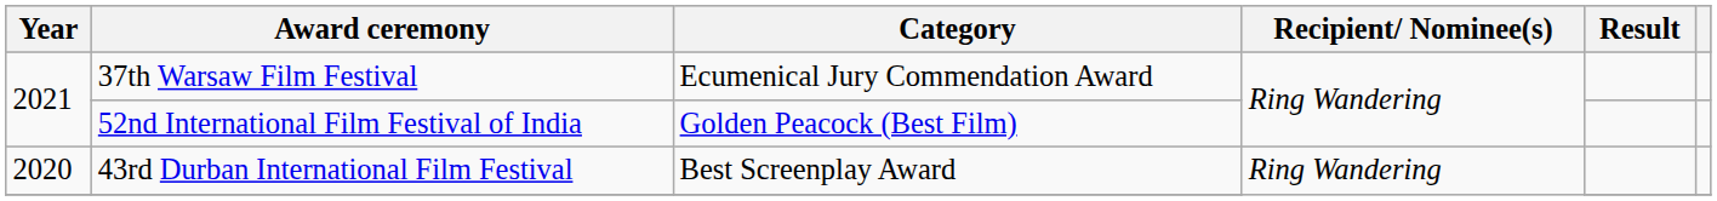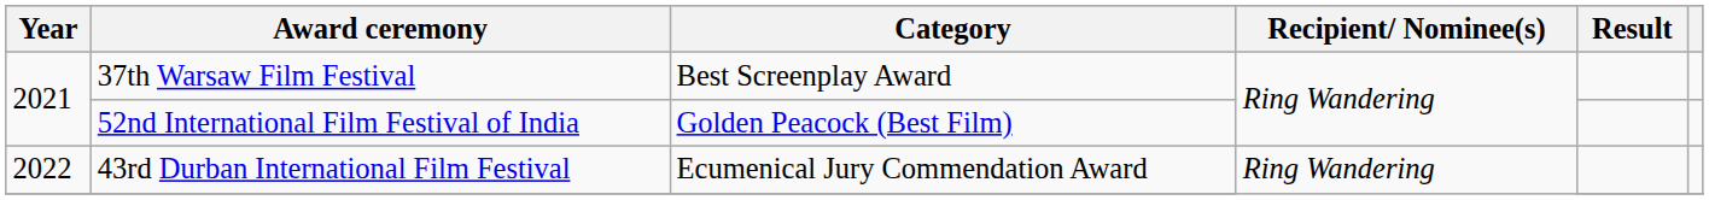 <table class="wikitable sortable plainrowheaders" style="width: 72.8%;">
 <tr style="background:#ccc; text-align:center;">
 <th scope="col">Year</th>
 <th scope="col">Award ceremony</th>
 <th scope="col">Category</th>
 <th scope="col">Recipient/ Nominee(s)</th>
 <th scope="col">Result</th>
 <th scope="col" class="unsortable"></th>
 </tr>
 <tr>
 <td rowspan=2>2021</td>
 <td>37th <a href='#'>Warsaw Film Festival</a></td>
-<td>Ecumenical Jury Commendation Award</td>
+<td>Best Screenplay Award</td>
 <td rowspan=2><em>Ring Wandering</em></td>
 <td></td>
 <td style="text-align:center"></td>
 </tr>
 <tr>
 <td><a href='#'>52nd International Film Festival of India</a></td>
 <td><a href='#'>Golden Peacock (Best Film)</a></td>
 <td></td>
 <td style="text-align:center"></td>
 </tr>
 <tr>
-<td>2020</td>
+<td>2022</td>
 <td>43rd <a href='#'>Durban International Film Festival</a></td>
-<td>Best Screenplay Award</td>
+<td>Ecumenical Jury Commendation Award</td>
 <td rowspan=2><em>Ring Wandering</em></td>
 <td></td>
 <td style="text-align:center"></td>
 </tr>
 <tr>
 </tr>
 </table>
